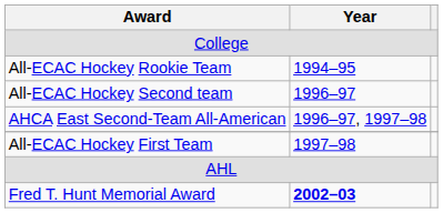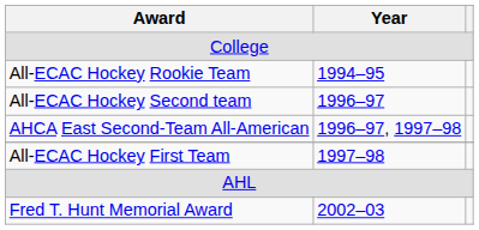 <table class="wikitable">
 <tr>
 <th>Award</th>
 <th>Year</th>
 <th></th>
 </tr>
 <tr ALIGN="center" bgcolor="#e0e0e0">
 <td colspan="3"><a href='#'>College</a></td>
 </tr>
 <tr>
 <td>All-<a href='#'>ECAC Hockey</a> <a href='#'>Rookie Team</a></td>
 <td><a href='#'>1994–95</a></td>
 <td></td>
 </tr>
 <tr>
 <td>All-<a href='#'>ECAC Hockey</a> <a href='#'>Second team</a></td>
 <td><a href='#'>1996–97</a></td>
 <td></td>
 </tr>
 <tr>
 <td><a href='#'>AHCA</a> <a href='#'>East Second-Team All-American</a></td>
 <td><a href='#'>1996–97</a>, <a href='#'>1997–98</a></td>
 <td></td>
 </tr>
 <tr>
 </tr>
 <tr>
 <td>All-<a href='#'>ECAC Hockey</a> <a href='#'>First Team</a></td>
 <td><a href='#'>1997–98</a></td>
 <td></td>
 </tr>
 <tr ALIGN="center" bgcolor="#e0e0e0">
 <td colspan="3"><a href='#'>AHL</a></td>
 </tr>
 <tr>
 <td><a href='#'>Fred T. Hunt Memorial Award</a></td>
-<td><strong><a href='#'>2002–03</a></strong></td>
+<td><a href='#'>2002–03</a></td>
 <td></td>
 </tr>
 </table>
